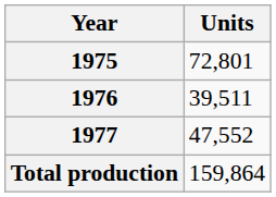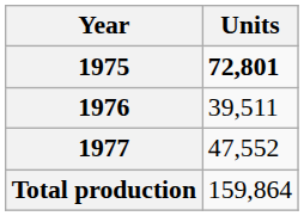 <table class=wikitable>
 <tr>
 <th>Year</th>
 <th>Units</th>
 </tr>
 <tr>
 <th align="centered">1975</th>
-<td>72,801</td>
+<td><strong>72,801</strong></td>
 </tr>
 <tr>
 <th align="centered">1976</th>
 <td>39,511</td>
 </tr>
 <tr>
 <th align="centered">1977</th>
 <td>47,552</td>
 </tr>
 <tr>
 <th>Total production</th>
 <td>159,864</td>
 </tr>
 </table>
